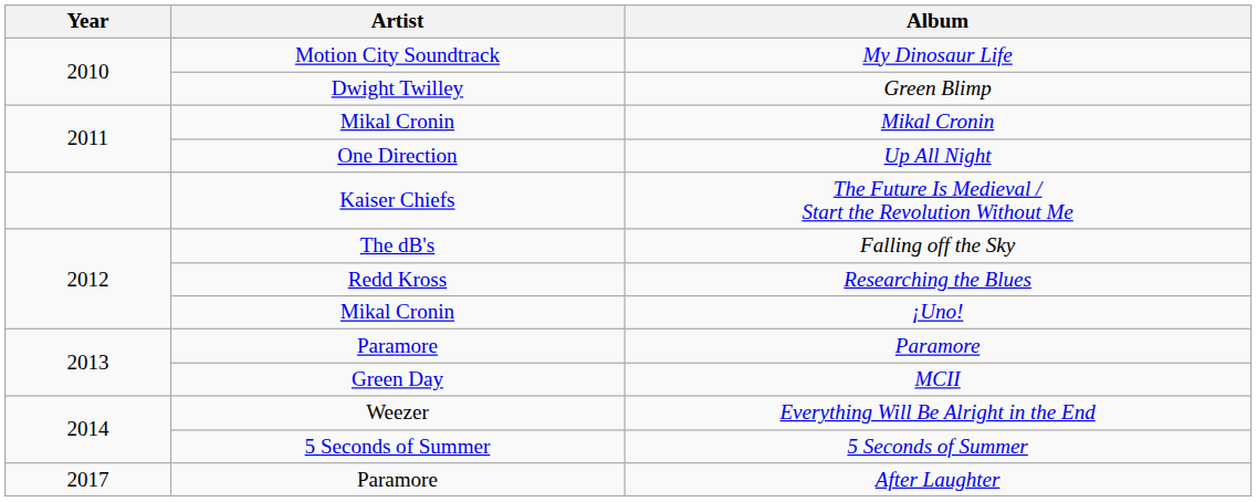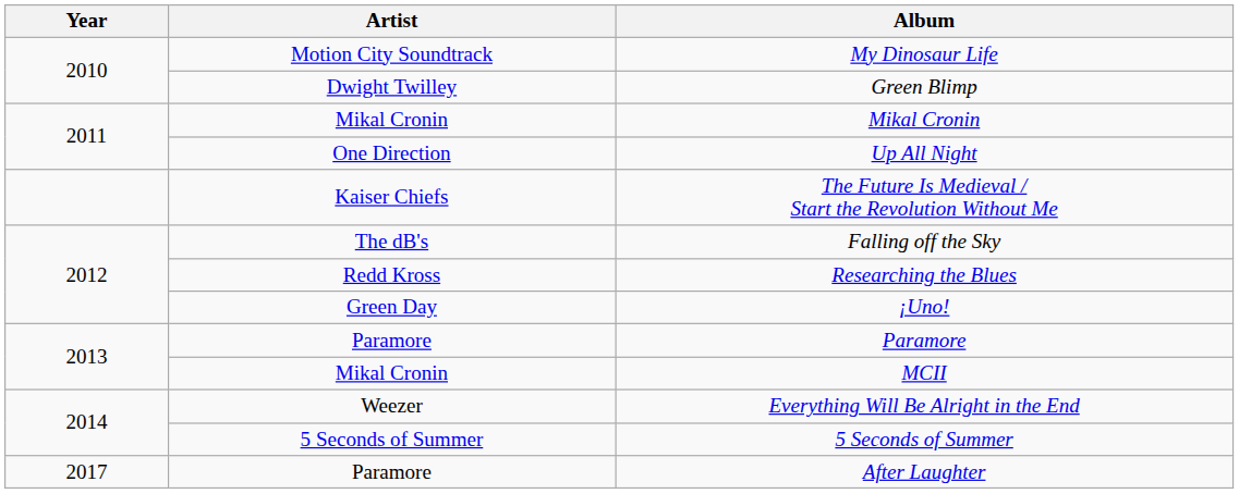 <table class="wikitable" style="margin:auto; text-align:center;" width="75%">
 <tr>
 <th scope="col" style="width:50px;">Year</th>
 <th scope="col" style="width:150px;">Artist</th>
 <th scope="col" style="width:210px;">Album</th>
 </tr>
 <tr>
 <td rowspan=2; align="center">2010</td>
 <td align="center"><a href='#'>Motion City Soundtrack</a></td>
 <td align="center"><em><a href='#'>My Dinosaur Life</a></em></td>
 </tr>
 <tr>
 <td align="center"><a href='#'>Dwight Twilley</a></td>
 <td align="center"><em>Green Blimp</em></td>
 </tr>
 <tr>
 <td rowspan=2; align="center">2011</td>
 <td align="center"><a href='#'>Mikal Cronin</a></td>
 <td align="center"><em><a href='#'>Mikal Cronin</a></em></td>
 </tr>
 <tr>
 <td align="center"><a href='#'>One Direction</a></td>
 <td align="center"><em><a href='#'>Up All Night</a></em></td>
 </tr>
 <tr>
 <td align="center"></td>
 <td align="center"><a href='#'>Kaiser Chiefs</a></td>
 <td align="center"><em><a href='#'>The Future Is Medieval /<br>Start the Revolution Without Me</a></em></td>
 </tr>
 <tr>
 <td rowspan=3; align="center">2012</td>
 <td align="center"><a href='#'>The dB's</a></td>
 <td align="center"><em>Falling off the Sky</em></td>
 </tr>
 <tr>
 <td align="center"><a href='#'>Redd Kross</a></td>
 <td align="center"><em><a href='#'>Researching the Blues</a></em></td>
 </tr>
 <tr>
-<td align="center"><a href='#'>Mikal Cronin</a></td>
+<td align="center"><a href='#'>Green Day</a></td>
 <td align="center"><em><a href='#'>¡Uno!</a></em></td>
 </tr>
 <tr>
 <td rowspan=2; align="center">2013</td>
 <td align="center"><a href='#'>Paramore</a></td>
 <td align="center"><em><a href='#'>Paramore</a></em></td>
 </tr>
 <tr>
-<td align="center"><a href='#'>Green Day</a></td>
+<td align="center"><a href='#'>Mikal Cronin</a></td>
 <td align="center"><em><a href='#'>MCII</a></em></td>
 </tr>
 <tr>
 <td rowspan=2; align="center">2014</td>
 <td align="center">Weezer</td>
 <td align="center"><em><a href='#'>Everything Will Be Alright in the End</a></em></td>
 </tr>
 <tr>
 <td align="center"><a href='#'>5 Seconds of Summer</a></td>
 <td align="center"><em><a href='#'>5 Seconds of Summer</a></em></td>
 </tr>
 <tr>
 <td rowspan=1; align="center">2017</td>
 <td align="center">Paramore</td>
 <td align="center"><em><a href='#'>After Laughter</a></em></td>
 </tr>
 </table>
